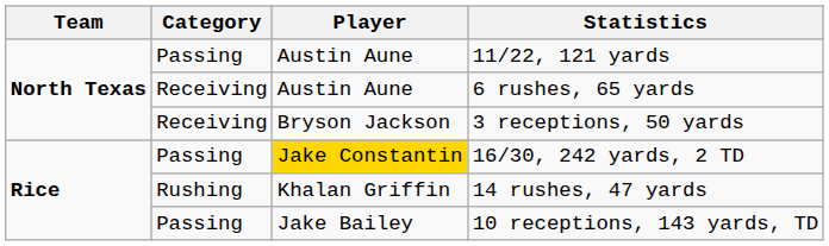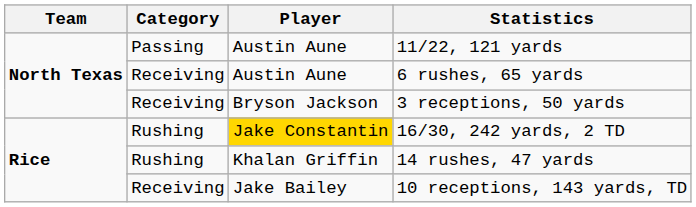 <table class="wikitable" style="float: left;">
 <tr>
 <th>Team</th>
 <th>Category</th>
 <th>Player</th>
 <th>Statistics</th>
 </tr>
 <tr>
 <td rowspan=3><strong>North Texas</strong></td>
 <td>Passing</td>
 <td>Austin Aune</td>
 <td>11/22, 121 yards</td>
 </tr>
 <tr>
 <td>Receiving</td>
 <td>Austin Aune</td>
 <td>6 rushes, 65 yards</td>
 </tr>
 <tr>
 <td>Receiving</td>
 <td>Bryson Jackson</td>
 <td>3 receptions, 50 yards</td>
 </tr>
 <tr>
 <td rowspan=3><strong>Rice</strong></td>
-<td>Passing</td>
+<td>Rushing</td>
 <td style="background: gold;">Jake Constantin</td>
 <td>16/30, 242 yards, 2 TD</td>
 </tr>
 <tr>
 <td>Rushing</td>
 <td>Khalan Griffin</td>
 <td>14 rushes, 47 yards</td>
 </tr>
 <tr>
-<td>Passing</td>
+<td>Receiving</td>
 <td>Jake Bailey</td>
 <td>10 receptions, 143 yards, TD</td>
 </tr>
 </table>
